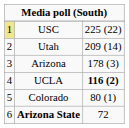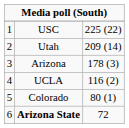 <table class="wikitable">
 <tr align="center">
 <td align="center" Colspan="3"><strong>Media poll (South)</strong></td>
 </tr>
 <tr align="center">
 </tr>
 <tr align="center">
-<td style="background: khaki;">1</td>
+<td>1</td>
 <td>USC</td>
 <td>225 (22)</td>
 </tr>
 <tr align="center">
 <td>2</td>
 <td>Utah</td>
 <td>209 (14)</td>
 </tr>
 <tr align="center">
 <td>3</td>
 <td>Arizona</td>
 <td>178 (3)</td>
 </tr>
 <tr align="center">
 <td>4</td>
 <td>UCLA</td>
-<td><strong>116 (2)</strong></td>
+<td>116 (2)</td>
 </tr>
 <tr align="center">
 <td>5</td>
 <td>Colorado</td>
 <td>80 (1)</td>
 </tr>
 <tr align="center">
 <td>6</td>
 <td><strong>Arizona State</strong></td>
 <td>72</td>
 </tr>
 </table>
